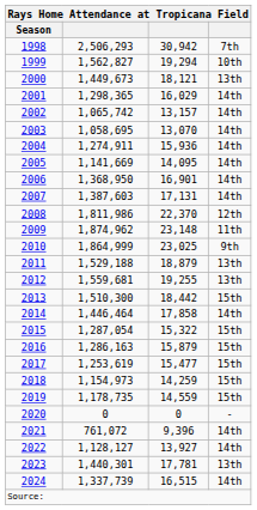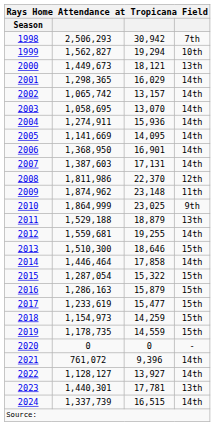 <table class="wikitable toccolours collapsible collapsed" cellpadding="1" cellspacing="0" style="float: right; clear: both; margin: 0 0 1em 1em; text-align:right;">
 <tr>
 <th colspan="4">Rays Home Attendance at Tropicana Field</th>
 </tr>
 <tr style="font-size:95%; text-align:center">
 <th>Season</th>
 <th></th>
 <th></th>
 <th></th>
 </tr>
 <tr style="text-align:center">
 <td><a href='#'>1998</a></td>
 <td>2,506,293</td>
 <td>30,942</td>
 <td>7th</td>
 </tr>
 <tr style="text-align:center">
 <td><a href='#'>1999</a></td>
 <td>1,562,827</td>
 <td>19,294</td>
 <td>10th</td>
 </tr>
 <tr style="text-align:center">
 <td><a href='#'>2000</a></td>
 <td>1,449,673</td>
 <td>18,121</td>
 <td>13th</td>
 </tr>
 <tr style="text-align:center">
 <td><a href='#'>2001</a></td>
 <td>1,298,365</td>
 <td>16,029</td>
 <td>14th</td>
 </tr>
 <tr style="text-align:center">
 <td><a href='#'>2002</a></td>
 <td>1,065,742</td>
 <td>13,157</td>
 <td>14th</td>
 </tr>
 <tr style="text-align:center">
 <td><a href='#'>2003</a></td>
 <td>1,058,695</td>
 <td>13,070</td>
 <td>14th</td>
 </tr>
 <tr style="text-align:center">
 <td><a href='#'>2004</a></td>
 <td>1,274,911</td>
 <td>15,936</td>
 <td>14th</td>
 </tr>
 <tr style="text-align:center">
 <td><a href='#'>2005</a></td>
 <td>1,141,669</td>
 <td>14,095</td>
 <td>14th</td>
 </tr>
 <tr style="text-align:center">
 <td><a href='#'>2006</a></td>
 <td>1,368,950</td>
 <td>16,901</td>
 <td>14th</td>
 </tr>
 <tr style="text-align:center">
 <td><a href='#'>2007</a></td>
 <td>1,387,603</td>
 <td>17,131</td>
 <td>14th</td>
 </tr>
 <tr style="text-align:center">
 <td><a href='#'>2008</a></td>
 <td>1,811,986</td>
 <td>22,370</td>
 <td>12th</td>
 </tr>
 <tr style="text-align:center">
 <td><a href='#'>2009</a></td>
 <td>1,874,962</td>
 <td>23,148</td>
 <td>11th</td>
 </tr>
 <tr style="text-align:center">
 <td><a href='#'>2010</a></td>
 <td>1,864,999</td>
 <td>23,025</td>
 <td>9th</td>
 </tr>
 <tr style="text-align:center">
 <td><a href='#'>2011</a></td>
 <td>1,529,188</td>
 <td>18,879</td>
 <td>13th</td>
 </tr>
 <tr style="text-align:center">
 <td><a href='#'>2012</a></td>
 <td>1,559,681</td>
 <td>19,255</td>
-<td>13th</td>
+<td>14th</td>
 </tr>
 <tr style="text-align:center">
 <td><a href='#'>2013</a></td>
 <td>1,510,300</td>
-<td>18,442</td>
+<td>18,646</td>
 <td>15th</td>
 </tr>
 <tr style="text-align:center">
 <td><a href='#'>2014</a></td>
 <td>1,446,464</td>
 <td>17,858</td>
 <td>14th</td>
 </tr>
 <tr style="text-align:center">
 <td><a href='#'>2015</a></td>
 <td>1,287,054</td>
 <td>15,322</td>
 <td>15th</td>
 </tr>
 <tr style="text-align:center">
 <td><a href='#'>2016</a></td>
 <td>1,286,163</td>
 <td>15,879</td>
 <td>15th</td>
 </tr>
 <tr style="text-align:center">
 <td><a href='#'>2017</a></td>
-<td>1,253,619</td>
+<td>1,233,619</td>
 <td>15,477</td>
 <td>15th</td>
 </tr>
 <tr style="text-align:center">
 <td><a href='#'>2018</a></td>
 <td>1,154,973</td>
 <td>14,259</td>
 <td>15th</td>
 </tr>
 <tr style="text-align:center">
 <td><a href='#'>2019</a></td>
 <td>1,178,735</td>
 <td>14,559</td>
 <td>15th</td>
 </tr>
 <tr style="text-align:center">
 <td><a href='#'>2020</a></td>
 <td>0</td>
 <td>0</td>
 <td>-</td>
 </tr>
 <tr style="text-align:center">
 <td><a href='#'>2021</a></td>
 <td>761,072</td>
 <td>9,396</td>
 <td>14th</td>
 </tr>
 <tr style="text-align:center">
 <td><a href='#'>2022</a></td>
 <td>1,128,127</td>
 <td>13,927</td>
 <td>14th</td>
 </tr>
 <tr style="text-align:center">
 <td><a href='#'>2023</a></td>
 <td>1,440,301</td>
 <td>17,781</td>
 <td>13th</td>
 </tr>
 <tr style="text-align:center">
 <td><a href='#'>2024</a></td>
 <td>1,337,739</td>
 <td>16,515</td>
 <td>14th</td>
 </tr>
 <tr style="text-align:center">
 <td colspan=4 style="border-top:1px solid black; font-size:85%; text-align:left">Source:</td>
 </tr>
 </table>
